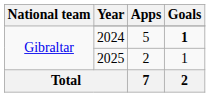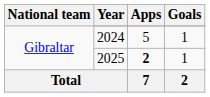 <table class=wikitable style="text-align: center;">
 <tr>
 <th>National team</th>
 <th>Year</th>
 <th>Apps</th>
 <th>Goals</th>
 </tr>
 <tr>
 <td rowspan=3><a href='#'>Gibraltar</a></td>
 </tr>
 <tr>
 <td>2024</td>
 <td>5</td>
-<td><strong>1</strong></td>
+<td>1</td>
 </tr>
 <tr>
 <td>2025</td>
-<td>2</td>
+<td><strong>2</strong></td>
 <td>1</td>
 </tr>
 <tr>
 <th colspan=2>Total</th>
 <th>7</th>
 <th>2</th>
 </tr>
 </table>
